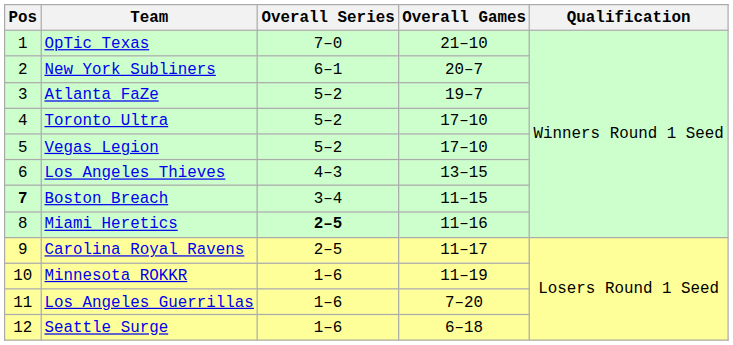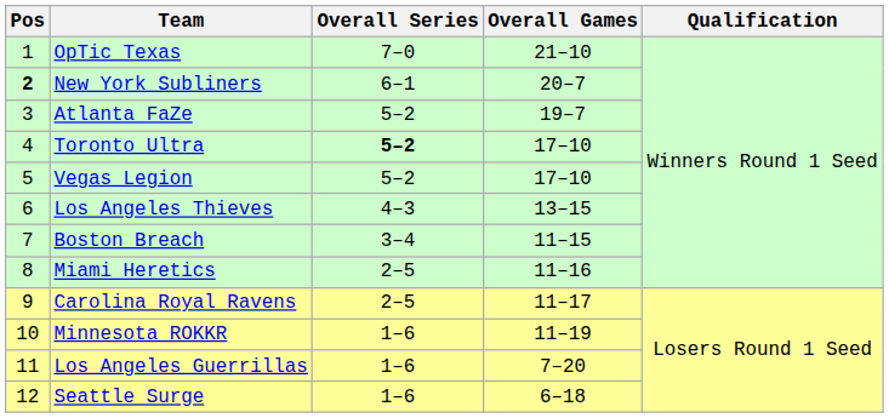 <table class="wikitable" style="text-align:center">
 <tr>
 <th>Pos</th>
 <th>Team</th>
 <th>Overall Series</th>
 <th>Overall Games</th>
 <th>Qualification</th>
 </tr>
 <tr style="background:#CCFFCC">
 <td>1</td>
 <td style="text-align:left;"><a href='#'>OpTic Texas</a></td>
 <td>7–0</td>
 <td>21–10</td>
 <td rowspan="8">Winners Round 1 Seed</td>
 </tr>
 <tr style="background:#CCFFCC">
-<td>2</td>
+<td><strong>2</strong></td>
 <td style="text-align:left;"><a href='#'>New York Subliners</a></td>
 <td>6–1</td>
 <td>20–7</td>
 </tr>
 <tr style="background:#CCFFCC">
 <td>3</td>
 <td style="text-align:left;"><a href='#'>Atlanta FaZe</a></td>
 <td>5–2</td>
 <td>19–7</td>
 </tr>
 <tr style="background:#CCFFCC">
 <td>4</td>
 <td style="text-align:left;"><a href='#'>Toronto Ultra</a></td>
-<td>5–2</td>
+<td><strong>5–2</strong></td>
 <td>17–10</td>
 </tr>
 <tr style="background:#CCFFCC">
 <td>5</td>
 <td style="text-align:left;"><a href='#'>Vegas Legion</a></td>
 <td>5–2</td>
 <td>17–10</td>
 </tr>
 <tr style="background:#CCFFCC">
 <td>6</td>
 <td style="text-align:left;"><a href='#'>Los Angeles Thieves</a></td>
 <td>4–3</td>
 <td>13–15</td>
 </tr>
 <tr style="background:#CCFFCC">
-<td><strong>7</strong></td>
+<td>7</td>
 <td style="text-align:left;"><a href='#'>Boston Breach</a></td>
 <td>3–4</td>
 <td>11–15</td>
 </tr>
 <tr style="background:#CCFFCC">
 <td>8</td>
 <td style="text-align:left;"><a href='#'>Miami Heretics</a></td>
-<td><strong>2–5</strong></td>
+<td>2–5</td>
 <td>11–16</td>
 </tr>
 <tr style="background:#FFFF99">
 <td>9</td>
 <td style="text-align:left;"><a href='#'>Carolina Royal Ravens</a></td>
 <td>2–5</td>
 <td>11–17</td>
 <td rowspan="4">Losers Round 1 Seed</td>
 </tr>
 <tr style="background:#FFFF99">
 <td>10</td>
 <td style="text-align:left;"><a href='#'>Minnesota ROKKR</a></td>
 <td>1–6</td>
 <td>11–19</td>
 </tr>
 <tr style="background:#FFFF99">
 <td>11</td>
 <td style="text-align:left;"><a href='#'>Los Angeles Guerrillas</a></td>
 <td>1–6</td>
 <td>7–20</td>
 </tr>
 <tr style="background:#FFFF99">
 <td>12</td>
 <td style="text-align:left;"><a href='#'>Seattle Surge</a></td>
 <td>1–6</td>
 <td>6–18</td>
 </tr>
 </table>
